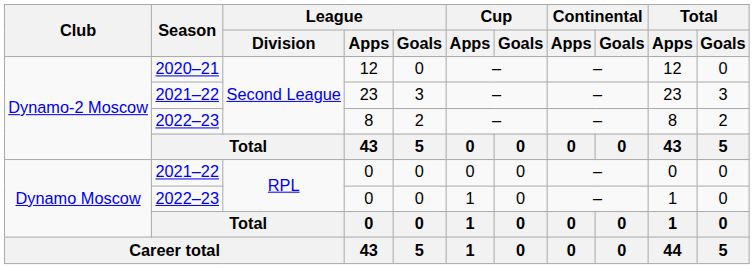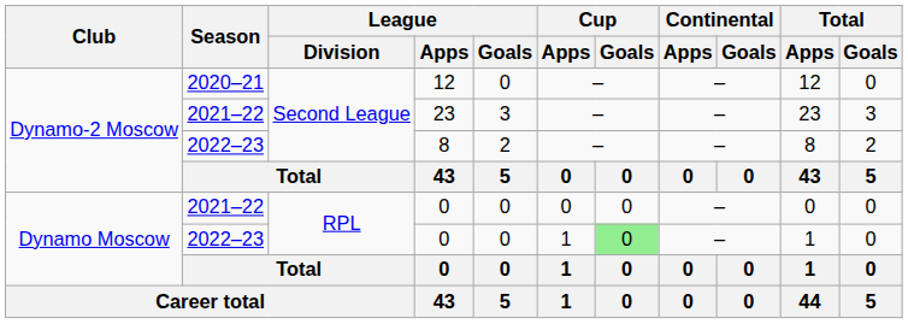 <table class="wikitable" style="text-align: center;">
 <tr>
 <th rowspan=2>Club</th>
 <th rowspan=2>Season</th>
 <th colspan=3>League</th>
 <th colspan=2>Cup</th>
 <th colspan=2>Continental</th>
 <th colspan=2>Total</th>
 </tr>
 <tr>
 <th>Division</th>
 <th>Apps</th>
 <th>Goals</th>
 <th>Apps</th>
 <th>Goals</th>
 <th>Apps</th>
 <th>Goals</th>
 <th>Apps</th>
 <th>Goals</th>
 </tr>
 <tr>
 <td rowspan="4"><a href='#'>Dynamo-2 Moscow</a></td>
 <td><a href='#'>2020–21</a></td>
 <td rowspan="3"><a href='#'>Second League</a></td>
 <td>12</td>
 <td>0</td>
 <td colspan=2>–</td>
 <td colspan=2>–</td>
 <td>12</td>
 <td>0</td>
 </tr>
 <tr>
 <td><a href='#'>2021–22</a></td>
 <td>23</td>
 <td>3</td>
 <td colspan=2>–</td>
 <td colspan=2>–</td>
 <td>23</td>
 <td>3</td>
 </tr>
 <tr>
 <td><a href='#'>2022–23</a></td>
 <td>8</td>
 <td>2</td>
 <td colspan=2>–</td>
 <td colspan=2>–</td>
 <td>8</td>
 <td>2</td>
 </tr>
 <tr>
 <th colspan=2>Total</th>
 <th>43</th>
 <th>5</th>
 <th>0</th>
 <th>0</th>
 <th>0</th>
 <th>0</th>
 <th>43</th>
 <th>5</th>
 </tr>
 <tr>
 <td rowspan="3"><a href='#'>Dynamo Moscow</a></td>
 <td><a href='#'>2021–22</a></td>
 <td rowspan="2"><a href='#'>RPL</a></td>
 <td>0</td>
 <td>0</td>
 <td>0</td>
 <td>0</td>
 <td colspan=2>–</td>
 <td>0</td>
 <td>0</td>
 </tr>
 <tr>
 <td><a href='#'>2022–23</a></td>
 <td>0</td>
 <td>0</td>
 <td>1</td>
-<td>0</td>
+<td style="background: lightgreen;">0</td>
 <td colspan=2>–</td>
 <td>1</td>
 <td>0</td>
 </tr>
 <tr>
 <th colspan=2>Total</th>
 <th>0</th>
 <th>0</th>
 <th>1</th>
 <th>0</th>
 <th>0</th>
 <th>0</th>
 <th>1</th>
 <th>0</th>
 </tr>
 <tr>
 <th colspan=3>Career total</th>
 <th>43</th>
 <th>5</th>
 <th>1</th>
 <th>0</th>
 <th>0</th>
 <th>0</th>
 <th>44</th>
 <th>5</th>
 </tr>
 </table>
